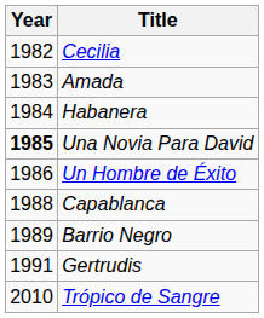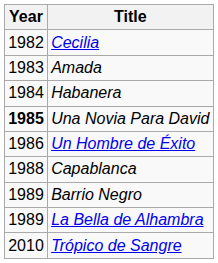 <table class="wikitable">
 <tr style="background:#b0c4de;">
 <th>Year</th>
 <th>Title</th>
 </tr>
 <tr>
 <td>1982</td>
 <td><em><a href='#'>Cecilia</a></em></td>
 </tr>
 <tr>
 <td>1983</td>
 <td><em>Amada</em></td>
 </tr>
 <tr>
 <td>1984</td>
 <td><em>Habanera</em></td>
 </tr>
 <tr>
 <td><strong>1985</strong></td>
 <td><em>Una Novia Para David</em></td>
 </tr>
 <tr>
 <td>1986</td>
 <td><em><a href='#'>Un Hombre de Éxito</a></em></td>
 </tr>
 <tr>
 <td>1988</td>
 <td><em>Capablanca</em></td>
 </tr>
 <tr>
 <td>1989</td>
 <td><em>Barrio Negro</em></td>
 </tr>
 <tr>
-<td>1991</td>
-<td><em>Gertrudis</em></td>
+<td>1989</td>
+<td><em><a href='#'>La Bella de Alhambra</a></em></td>
 </tr>
 <tr>
 <td>2010</td>
 <td><em><a href='#'>Trópico de Sangre</a></em></td>
 </tr>
 </table>
